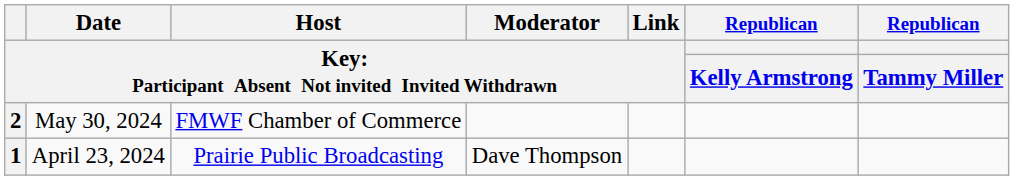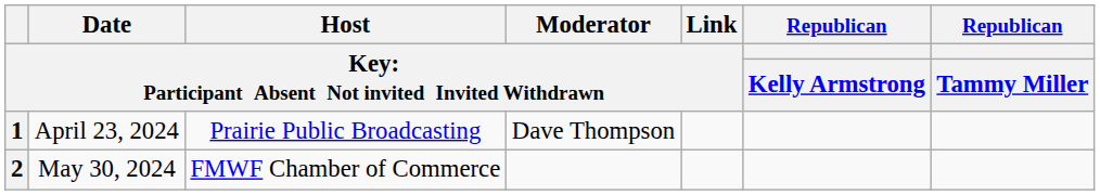 <table class="wikitable" style="text-align:center;">
 <tr>
 <th scope="col"></th>
 <th scope="col">Date</th>
 <th scope="col">Host</th>
 <th scope="col">Moderator</th>
 <th scope="col">Link</th>
 <th scope="col"><small><a href='#'>Republican</a></small></th>
 <th scope="col"><small><a href='#'>Republican</a></small></th>
 </tr>
 <tr>
 <th colspan="5" rowspan="2">Key:<br> <small>Participant </small>  <small>Absent </small>  <small>Not invited </small>  <small>Invited  Withdrawn</small></th>
 <th scope="col" style="background:"></th>
 <th scope="col" style="background:"></th>
 </tr>
 <tr>
 <th scope="col"><a href='#'>Kelly Armstrong</a></th>
 <th scope="col"><a href='#'>Tammy Miller</a></th>
 </tr>
 <tr>
+<th>1</th>
+<td style="white-space:nowrap;">April 23, 2024</td>
+<td style="white-space:nowrap;"><a href='#'>Prairie Public Broadcasting</a></td>
+<td style="white-space:nowrap;">Dave Thompson</td>
+<td style="white-space:nowrap;"></td>
+<td></td>
+<td></td>
+</tr>
+<tr>
 <th>2</th>
 <td style="white-space:nowrap;">May 30, 2024</td>
 <td style="white-space:nowrap;"><a href='#'>FMWF</a> Chamber of Commerce</td>
 <td style="white-space:nowrap;"></td>
 <td style="white-space:nowrap;"></td>
 <td></td>
 <td></td>
 </tr>
-<tr>
-<th>1</th>
-<td style="white-space:nowrap;">April 23, 2024</td>
-<td style="white-space:nowrap;"><a href='#'>Prairie Public Broadcasting</a></td>
-<td style="white-space:nowrap;">Dave Thompson</td>
-<td style="white-space:nowrap;"></td>
-<td></td>
-<td></td>
-</tr>
 </table>
